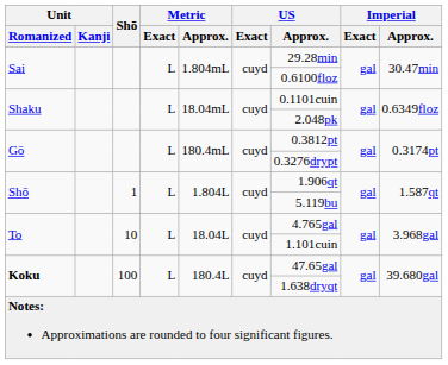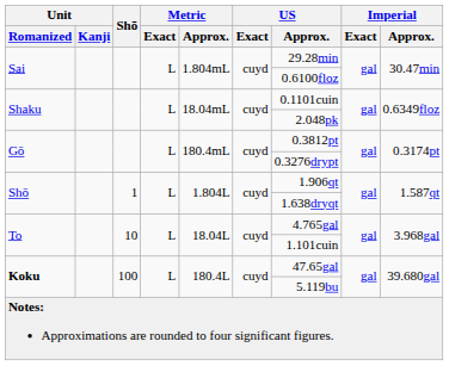 <table class="wikitable">
 <tr>
 <th colspan="2">Unit</th>
 <th rowspan="2">Shō</th>
 <th colspan="2"><a href='#'>Metric</a></th>
 <th colspan="2"><a href='#'>US</a></th>
 <th colspan="3"><a href='#'>Imperial</a></th>
 </tr>
 <tr>
 <th><a href='#'>Romanized</a></th>
 <th><a href='#'>Kanji</a></th>
 <th>Exact</th>
 <th>Approx.</th>
 <th>Exact</th>
 <th>Approx.</th>
 <th>Exact</th>
 <th>Approx.</th>
 </tr>
 <tr style="text-align: right">
 <td rowspan=2  style="text-align:left;"><a href='#'>Sai</a></td>
 <td rowspan=2 align="center"></td>
 <td rowspan=2 height="30pt"></td>
 <td rowspan=2>L</td>
 <td rowspan=2>1.804mL</td>
 <td rowspan=2>cuyd</td>
 <td>29.28<a href='#'>min</a></td>
 <td rowspan=2><a href='#'>gal</a></td>
 <td rowspan=2>30.47<a href='#'>min</a></td>
 </tr>
 <tr style="text-align: right">
 <td>0.6100<a href='#'>floz</a></td>
 </tr>
 <tr style="text-align: right">
 <td rowspan=2  style="text-align:left;"><a href='#'>Shaku</a></td>
 <td rowspan=2 align="center"></td>
 <td rowspan=2 height="30pt"></td>
 <td rowspan=2>L</td>
 <td rowspan=2>18.04mL</td>
 <td rowspan=2>cuyd</td>
 <td>0.1101cuin</td>
 <td rowspan=2><a href='#'>gal</a></td>
 <td rowspan=2>0.6349<a href='#'>floz</a></td>
 </tr>
 <tr style="text-align: right">
 <td>2.048<a href='#'>pk</a></td>
 </tr>
 <tr style="text-align: right">
 <td rowspan=2  style="text-align:left;"><a href='#'>Gō</a></td>
 <td rowspan=2 align="center"></td>
 <td rowspan=2 height="30pt"></td>
 <td rowspan=2>L</td>
 <td rowspan=2>180.4mL</td>
 <td rowspan=2>cuyd</td>
 <td>0.3812<a href='#'>pt</a></td>
 <td rowspan=2><a href='#'>gal</a></td>
 <td rowspan=2>0.3174<a href='#'>pt</a></td>
 </tr>
 <tr style="text-align: right">
 <td>0.3276<a href='#'>drypt</a></td>
 </tr>
 <tr style="text-align: right">
 <td rowspan=2  style="text-align:left;"><a href='#'>Shō</a></td>
 <td rowspan=2 align="center"></td>
 <td rowspan=2>1</td>
 <td rowspan=2>L</td>
 <td rowspan=2>1.804L</td>
 <td rowspan=2>cuyd</td>
 <td>1.906<a href='#'>qt</a></td>
 <td rowspan=2><a href='#'>gal</a></td>
 <td rowspan=2>1.587<a href='#'>qt</a></td>
 </tr>
 <tr style="text-align: right">
-<td>5.119<a href='#'>bu</a></td>
+<td>1.638<a href='#'>dryqt</a></td>
 </tr>
 <tr style="text-align: right">
 <td rowspan=2 style="text-align:left;"><a href='#'>To</a></td>
 <td rowspan=2 align="center"></td>
 <td rowspan=2>10</td>
 <td rowspan=2>L</td>
 <td rowspan=2>18.04L</td>
 <td rowspan=2>cuyd</td>
 <td>4.765<a href='#'>gal</a></td>
 <td rowspan=2><a href='#'>gal</a></td>
 <td rowspan=2>3.968<a href='#'>gal</a></td>
 </tr>
 <tr style="text-align: right">
 <td>1.101cuin</td>
 </tr>
 <tr style="text-align: right">
 <td rowspan=2 style="text-align:left;"><strong>Koku</strong></td>
 <td rowspan=2 align="center"></td>
 <td rowspan=2>100</td>
 <td rowspan=2>L</td>
 <td rowspan=2>180.4L</td>
 <td rowspan=2>cuyd</td>
 <td>47.65<a href='#'>gal</a></td>
 <td rowspan=2><a href='#'>gal</a></td>
 <td rowspan=2>39.680<a href='#'>gal</a></td>
 </tr>
 <tr style="text-align: right">
-<td>1.638<a href='#'>dryqt</a></td>
+<td>5.119<a href='#'>bu</a></td>
 </tr>
 <tr>
 <td colspan="13" bgcolor=#F0F0F0><strong>Notes:</strong><br><ul><li>Approximations are rounded to four significant figures.</li></ul></td>
 </tr>
 </table>
